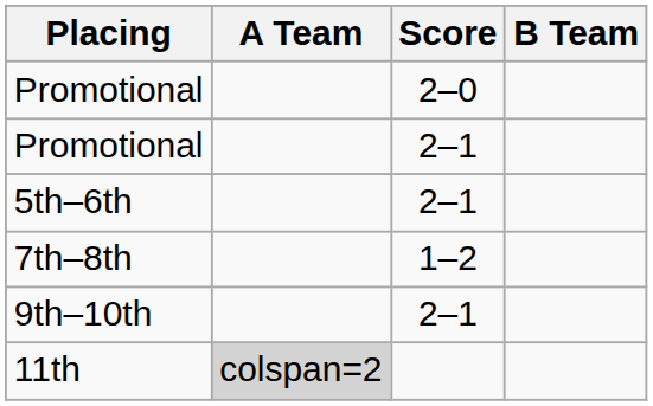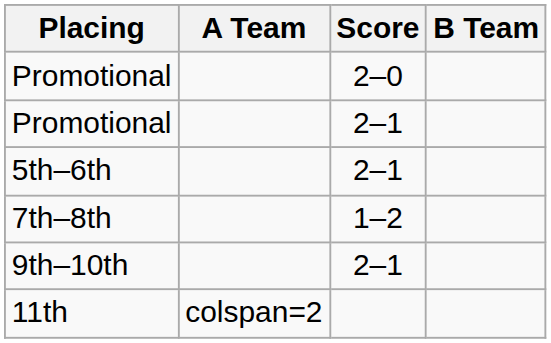 <table class=wikitable style="border:1px solid #AAAAAA;">
 <tr>
 <th>Placing</th>
 <th>A Team</th>
 <th>Score</th>
 <th>B Team</th>
 </tr>
 <tr>
 <td>Promotional</td>
 <td><strong></strong></td>
 <td align="center">2–0</td>
 <td></td>
 </tr>
 <tr>
 <td>Promotional</td>
 <td><strong></strong></td>
 <td align="center">2–1</td>
 <td></td>
 </tr>
 <tr>
 <td>5th–6th</td>
 <td><strong></strong></td>
 <td align="center">2–1</td>
 <td></td>
 </tr>
 <tr>
 <td>7th–8th</td>
 <td></td>
 <td align="center">1–2</td>
 <td><strong></strong></td>
 </tr>
 <tr>
 <td>9th–10th</td>
 <td><strong></strong></td>
 <td align="center">2–1</td>
 <td></td>
 </tr>
 <tr>
 <td>11th</td>
-<td style="background: lightgrey;">colspan=2 </td>
+<td>colspan=2 </td>
 <td></td>
 </tr>
 </table>
